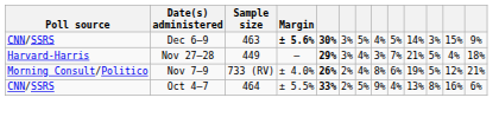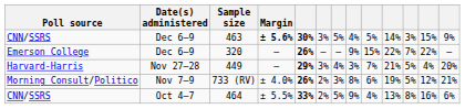 <table class="wikitable sortable" style="text-align:center;">
 <tr valign=bottom>
 <th style="background-position: right 85%;">Poll source</th>
 <th style="background-position: right 85%;">Date(s)<br>administered</th>
 <th style="background-position: right 85%;">Sample<br>size</th>
 <th style="background-position: right 85%;">Margin<br></th>
 <th></th>
 <th></th>
 <th></th>
 <th></th>
 <th></th>
 <th></th>
 <th></th>
 <th></th>
 <th></th>
 </tr>
 <tr>
 <td style="text-align:left;"><a href='#'>CNN</a>/<a href='#'>SSRS</a></td>
 <td>Dec 6–9</td>
 <td>463</td>
 <td><strong>± 5.6%</strong></td>
 <td><strong>30%</strong></td>
 <td>3%</td>
 <td>5%</td>
 <td>4%</td>
 <td>5%</td>
 <td>14%</td>
 <td>3%</td>
 <td>15%</td>
 <td>9%</td>
 </tr>
 <tr>
+<td style="text-align:left;"><a href='#'>Emerson College</a></td>
+<td>Dec 6–9</td>
+<td>320</td>
+<td>–</td>
+<td><strong>26%</strong></td>
+<td>–</td>
+<td>–</td>
+<td>9%</td>
+<td>15%</td>
+<td>22%</td>
+<td>7%</td>
+<td>22%</td>
+<td>–</td>
+</tr>
+<tr>
 <td style="text-align:left;"><a href='#'>Harvard-Harris</a></td>
 <td>Nov 27–28</td>
 <td>449</td>
 <td>–</td>
 <td><strong>29%</strong></td>
 <td>3%</td>
 <td>4%</td>
 <td>3%</td>
 <td>7%</td>
 <td>21%</td>
 <td>5%</td>
 <td>4%</td>
-<td>18%</td>
+<td>20%</td>
 </tr>
 <tr>
 <td style="text-align:left;"><a href='#'>Morning Consult</a>/<a href='#'>Politico</a></td>
 <td>Nov 7–9</td>
 <td>733 (RV)</td>
 <td>± 4.0%</td>
 <td><strong>26%</strong></td>
 <td>2%</td>
-<td>4%</td>
+<td>3%</td>
 <td>8%</td>
 <td>6%</td>
 <td>19%</td>
 <td>5%</td>
 <td>12%</td>
 <td>21%</td>
 </tr>
 <tr>
 <td style="text-align:left;"><a href='#'>CNN</a>/<a href='#'>SSRS</a></td>
 <td>Oct 4–7</td>
 <td>464</td>
 <td>± 5.5%</td>
 <td><strong>33%</strong></td>
 <td>2%</td>
 <td>5%</td>
 <td>9%</td>
 <td>4%</td>
 <td>13%</td>
 <td>8%</td>
 <td>16%</td>
 <td>6%</td>
 </tr>
 </table>
